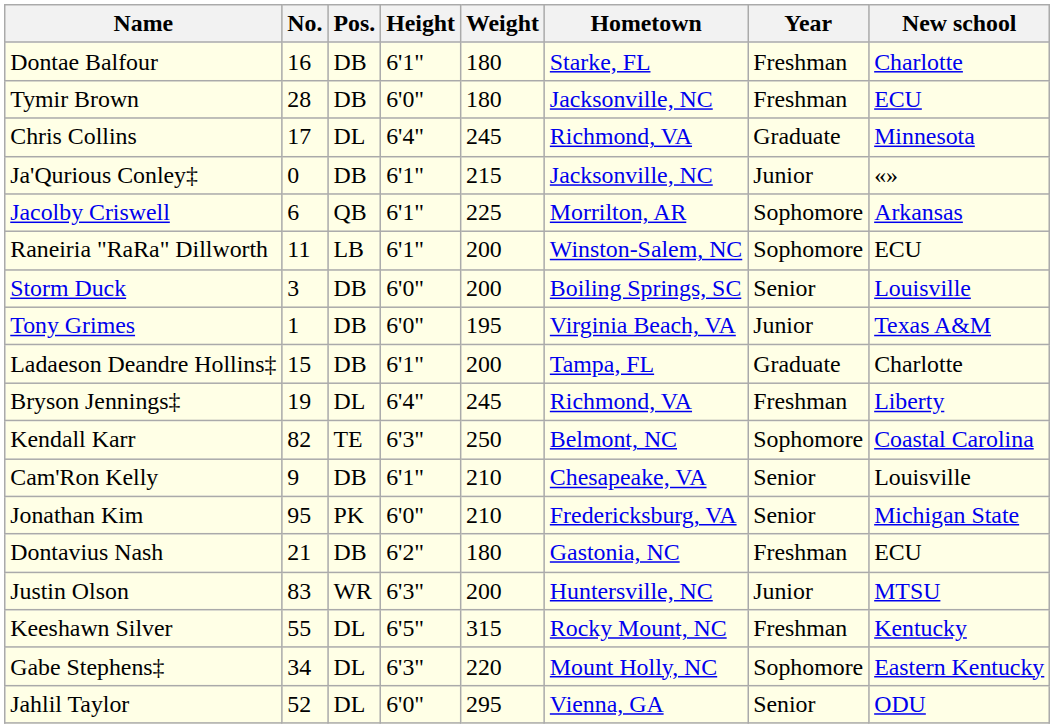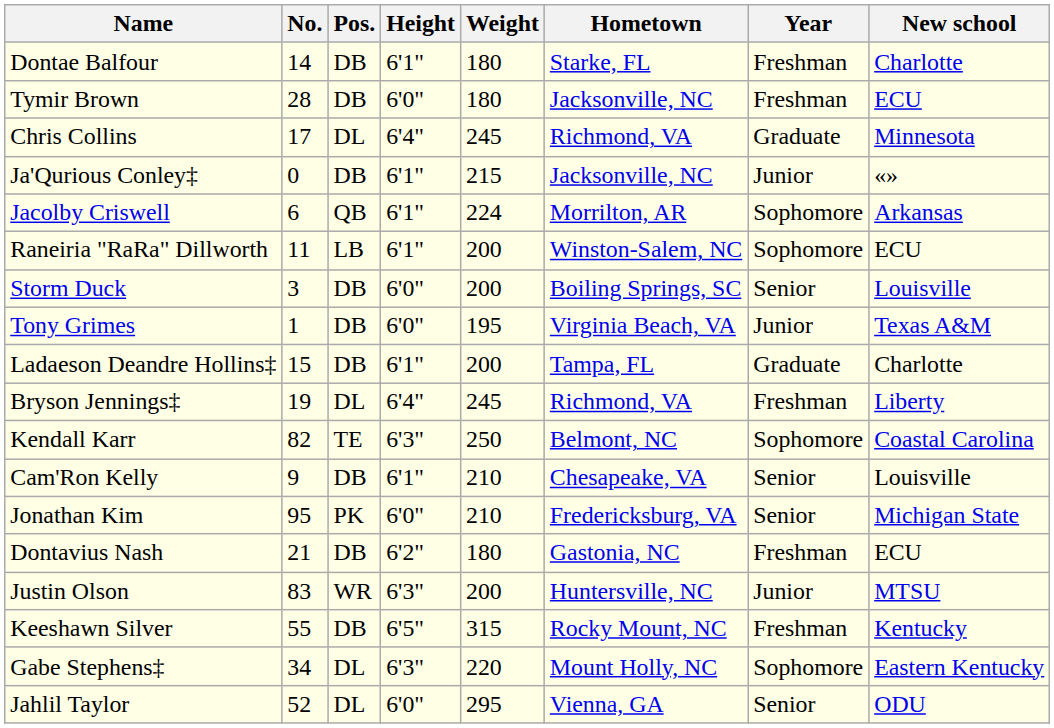 <table class="wikitable sortable">
 <tr>
 <th>Name</th>
 <th>No.</th>
 <th>Pos.</th>
 <th>Height</th>
 <th>Weight</th>
 <th>Hometown</th>
 <th>Year</th>
 <th class="unsortable">New school</th>
 </tr>
 <tr style="background:#FFFFE6;">
 <td>Dontae Balfour</td>
-<td>16</td>
+<td>14</td>
 <td>DB</td>
 <td>6'1"</td>
 <td>180</td>
 <td><a href='#'>Starke, FL</a></td>
 <td> Freshman</td>
 <td><a href='#'>Charlotte</a></td>
 </tr>
 <tr style="background:#FFFFE6;">
 <td>Tymir Brown</td>
 <td>28</td>
 <td>DB</td>
 <td>6'0"</td>
 <td>180</td>
 <td><a href='#'>Jacksonville, NC</a></td>
 <td> Freshman</td>
 <td><a href='#'>ECU</a></td>
 </tr>
 <tr style="background:#FFFFE6;">
 <td>Chris Collins</td>
 <td>17</td>
 <td>DL</td>
 <td>6'4"</td>
 <td>245</td>
 <td><a href='#'>Richmond, VA</a></td>
 <td>Graduate</td>
 <td><a href='#'>Minnesota</a></td>
 </tr>
 <tr style="background:#FFFFE6;">
 <td>Ja'Qurious Conley‡</td>
 <td>0</td>
 <td>DB</td>
 <td>6'1"</td>
 <td>215</td>
 <td><a href='#'>Jacksonville, NC</a></td>
 <td>Junior</td>
 <td>«»</td>
 </tr>
 <tr style="background:#FFFFE6;">
 <td><a href='#'>Jacolby Criswell</a></td>
 <td>6</td>
 <td>QB</td>
 <td>6'1"</td>
-<td>225</td>
+<td>224</td>
 <td><a href='#'>Morrilton, AR</a></td>
 <td>Sophomore</td>
 <td><a href='#'>Arkansas</a></td>
 </tr>
 <tr style="background:#FFFFE6;">
 <td>Raneiria "RaRa" Dillworth</td>
 <td>11</td>
 <td>LB</td>
 <td>6'1"</td>
 <td>200</td>
 <td><a href='#'>Winston-Salem, NC</a></td>
 <td>Sophomore</td>
 <td>ECU</td>
 </tr>
 <tr style="background:#FFFFE6;">
 <td><a href='#'>Storm Duck</a></td>
 <td>3</td>
 <td>DB</td>
 <td>6'0"</td>
 <td>200</td>
 <td><a href='#'>Boiling Springs, SC</a></td>
 <td>Senior</td>
 <td><a href='#'>Louisville</a></td>
 </tr>
 <tr style="background:#FFFFE6;">
 <td><a href='#'>Tony Grimes</a></td>
 <td>1</td>
 <td>DB</td>
 <td>6'0"</td>
 <td>195</td>
 <td><a href='#'>Virginia Beach, VA</a></td>
 <td>Junior</td>
 <td><a href='#'>Texas A&M</a></td>
 </tr>
 <tr style="background:#FFFFE6;">
 <td>Ladaeson Deandre Hollins‡</td>
 <td>15</td>
 <td>DB</td>
 <td>6'1"</td>
 <td>200</td>
 <td><a href='#'>Tampa, FL</a></td>
 <td>Graduate</td>
 <td>Charlotte</td>
 </tr>
 <tr style="background:#FFFFE6;">
 <td>Bryson Jennings‡</td>
 <td>19</td>
 <td>DL</td>
 <td>6'4"</td>
 <td>245</td>
 <td><a href='#'>Richmond, VA</a></td>
 <td> Freshman</td>
 <td><a href='#'>Liberty</a></td>
 </tr>
 <tr style="background:#FFFFE6;">
 <td>Kendall Karr</td>
 <td>82</td>
 <td>TE</td>
 <td>6'3"</td>
 <td>250</td>
 <td><a href='#'>Belmont, NC</a></td>
 <td>Sophomore</td>
 <td><a href='#'>Coastal Carolina</a></td>
 </tr>
 <tr style="background:#FFFFE6;">
 <td>Cam'Ron Kelly</td>
 <td>9</td>
 <td>DB</td>
 <td>6'1"</td>
 <td>210</td>
 <td><a href='#'>Chesapeake, VA</a></td>
 <td>Senior</td>
 <td>Louisville</td>
 </tr>
 <tr style="background:#FFFFE6;">
 <td>Jonathan Kim</td>
 <td>95</td>
 <td>PK</td>
 <td>6'0"</td>
 <td>210</td>
 <td><a href='#'>Fredericksburg, VA</a></td>
 <td>Senior</td>
 <td><a href='#'>Michigan State</a></td>
 </tr>
 <tr style="background:#FFFFE6;">
 <td>Dontavius Nash</td>
 <td>21</td>
 <td>DB</td>
 <td>6'2"</td>
 <td>180</td>
 <td><a href='#'>Gastonia, NC</a></td>
 <td> Freshman</td>
 <td>ECU</td>
 </tr>
 <tr style="background:#FFFFE6;">
 <td>Justin Olson</td>
 <td>83</td>
 <td>WR</td>
 <td>6'3"</td>
 <td>200</td>
 <td><a href='#'>Huntersville, NC</a></td>
 <td>Junior</td>
 <td><a href='#'>MTSU</a></td>
 </tr>
 <tr style="background:#FFFFE6;">
 <td>Keeshawn Silver</td>
 <td>55</td>
-<td>DL</td>
+<td>DB</td>
 <td>6'5"</td>
 <td>315</td>
 <td><a href='#'>Rocky Mount, NC</a></td>
 <td> Freshman</td>
 <td><a href='#'>Kentucky</a></td>
 </tr>
 <tr style="background:#FFFFE6;">
 <td>Gabe Stephens‡</td>
 <td>34</td>
 <td>DL</td>
 <td>6'3"</td>
 <td>220</td>
 <td><a href='#'>Mount Holly, NC</a></td>
 <td> Sophomore</td>
 <td><a href='#'>Eastern Kentucky</a></td>
 </tr>
 <tr style="background:#FFFFE6;">
 <td>Jahlil Taylor</td>
 <td>52</td>
 <td>DL</td>
 <td>6'0"</td>
 <td>295</td>
 <td><a href='#'>Vienna, GA</a></td>
 <td>Senior</td>
 <td><a href='#'>ODU</a></td>
 </tr>
 </table>
